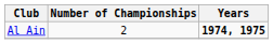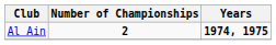 <table class="wikitable" style="text-align:center">
 <tr>
 <th>Club<br></th>
 <th>Number of Championships<br></th>
 <th>Years<br></th>
 </tr>
 <tr>
 <td style="text-align:left;"><a href='#'>Al Ain</a></td>
-<td>2</td>
+<td><strong>2</strong></td>
 <td><strong>1974, 1975</strong></td>
 </tr>
 <tr>
 </tr>
 </table>
